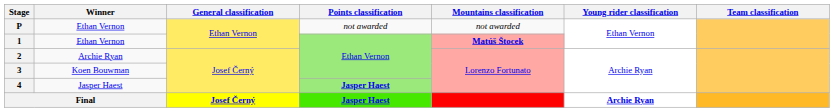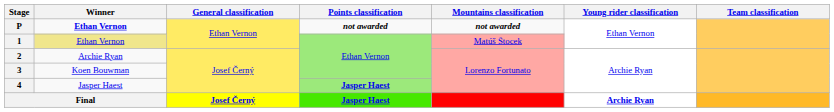 <table class="wikitable" style="text-align: center; font-size:smaller;">
 <tr>
 <th scope="col" style="width:2%;">Stage</th>
 <th scope="col" style="width:12.25%;">Winner</th>
 <th scope="col" style="width:12.25%;"><a href='#'>General classification</a><br></th>
 <th scope="col" style="width:12.25%;"><a href='#'>Points classification</a><br></th>
 <th scope="col" style="width:12.25%;"><a href='#'>Mountains classification</a><br></th>
 <th scope="col" style="width:12.25%;"><a href='#'>Young rider classification</a><br></th>
 <th scope="col" style="width:12.25%;"><a href='#'>Team classification</a></th>
 </tr>
 <tr>
 <th>P</th>
-<td><a href='#'>Ethan Vernon</a></td>
+<td><strong><a href='#'>Ethan Vernon</a></strong></td>
 <td style="background:#FFEB64;" rowspan=2><a href='#'>Ethan Vernon</a></td>
-<td><em>not awarded</em></td>
-<td><em>not awarded</em></td>
+<td><strong><em>not awarded</em></strong></td>
+<td><strong><em>not awarded</em></strong></td>
 <td style="background:white;" rowspan=2><a href='#'>Ethan Vernon</a></td>
 <td style="background:#FFCD5F;" rowspan=2></td>
 </tr>
 <tr>
 <th>1</th>
-<td><a href='#'>Ethan Vernon</a></td>
+<td style="background: khaki;"><a href='#'>Ethan Vernon</a></td>
 <td style="background:#9CE97B;" rowspan=3><a href='#'>Ethan Vernon</a></td>
-<td style="background:#FFA8A4;"><strong><a href='#'>Matúš Štocek</a></strong></td>
+<td style="background:#FFA8A4;"><a href='#'>Matúš Štocek</a></td>
 </tr>
 <tr>
 <th>2</th>
 <td><a href='#'>Archie Ryan</a></td>
 <td style="background:#FFEB64;" rowspan=3><a href='#'>Josef Černý</a></td>
 <td style="background:#FFA8A4;" rowspan=3><a href='#'>Lorenzo Fortunato</a></td>
 <td style="background:white;"  rowspan=3><a href='#'>Archie Ryan</a></td>
 <td style="background:#FFCD5F;" rowspan=3></td>
 </tr>
 <tr>
 <th>3</th>
 <td><a href='#'>Koen Bouwman</a></td>
 </tr>
 <tr>
 <th>4</th>
 <td><a href='#'>Jasper Haest</a></td>
 <td style="background:#9CE97B;"><strong><a href='#'>Jasper Haest</a></strong></td>
 </tr>
 <tr>
 <th colspan="2">Final</th>
 <th style="background:yellow;"><a href='#'>Josef Černý</a></th>
 <th style="background:#46E800;"><a href='#'>Jasper Haest</a></th>
 <th style="background:red;"></th>
 <th style="background:white;"><a href='#'>Archie Ryan</a></th>
 <th style="background:#FFB927;"></th>
 </tr>
 </table>
